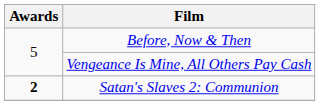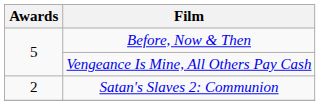 <table class="wikitable plainrowheaders" style="text-align:center;">
 <tr>
 <th scope="col" style="width:55px;">Awards</th>
 <th scope="col" style="text-align:center;">Film</th>
 </tr>
 <tr>
 <td rowspan="2">5</td>
 <td><em><a href='#'>Before, Now & Then</a></em></td>
 </tr>
 <tr>
 <td><em><a href='#'>Vengeance Is Mine, All Others Pay Cash</a></em></td>
 </tr>
 <tr>
-<td><strong>2</strong></td>
+<td>2</td>
 <td><em><a href='#'>Satan's Slaves 2: Communion</a></em></td>
 </tr>
 <tr>
 </tr>
 </table>
